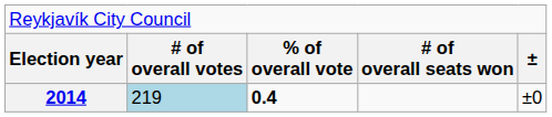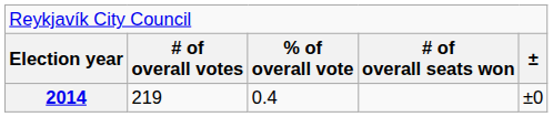 <table class=wikitable>
 <tr>
 <td colspan=6><a href='#'>Reykjavík City Council</a></td>
 </tr>
 <tr>
 <th>Election year</th>
 <th># of<br>overall votes</th>
 <th>% of<br>overall vote</th>
 <th># of<br>overall seats won</th>
 <th>±</th>
 </tr>
 <tr>
 <th><a href='#'>2014</a></th>
-<td style="background: lightblue;">219</td>
-<td><strong>0.4</strong></td>
+<td>219</td>
+<td>0.4</td>
 <td></td>
 <td>±0</td>
 </tr>
 </table>
